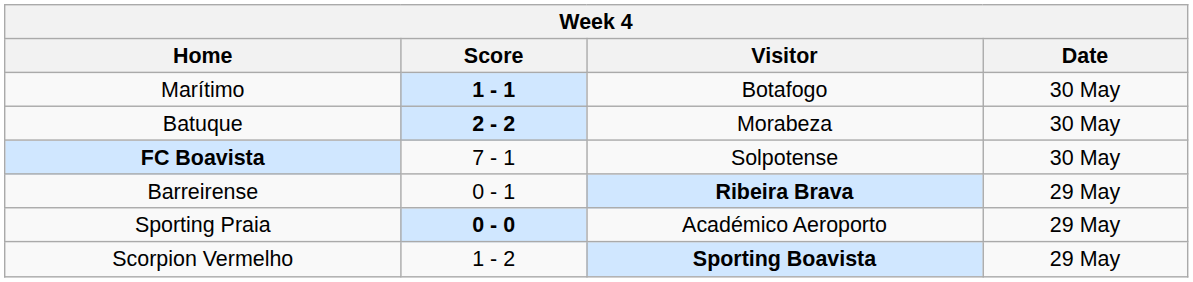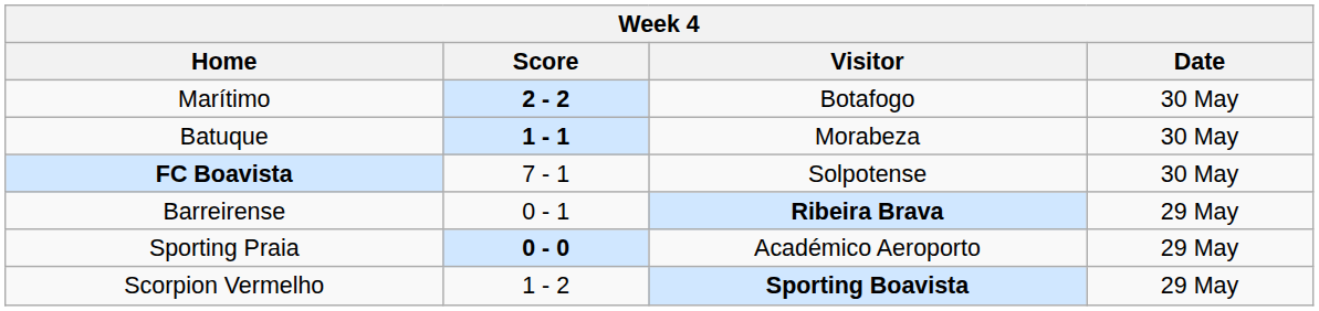 <table class="wikitable" style="font-size:95%; text-align: center; width: 95%;">
 <tr>
 <th colspan="12" style="with: 100%;" align=center>Week 4</th>
 </tr>
 <tr>
 <th width="200">Home</th>
 <th width="90">Score</th>
 <th width="200">Visitor</th>
 <th width="100">Date</th>
 </tr>
 <tr align=center>
 <td>Marítimo</td>
-<td bgcolor=#D0E7FF><strong>1 - 1</strong></td>
+<td bgcolor=#D0E7FF><strong>2 - 2</strong></td>
 <td>Botafogo</td>
 <td>30 May</td>
 </tr>
 <tr align=center>
 <td>Batuque</td>
-<td bgcolor=#D0E7FF><strong>2 - 2</strong></td>
+<td bgcolor=#D0E7FF><strong>1 - 1</strong></td>
 <td>Morabeza</td>
 <td>30 May</td>
 </tr>
 <tr align=center>
 <td bgcolor=#D0E7FF><strong>FC Boavista</strong></td>
 <td>7 - 1</td>
 <td>Solpotense</td>
 <td>30 May</td>
 </tr>
 <tr align=center>
 <td>Barreirense</td>
 <td>0 - 1</td>
 <td bgcolor=#D0E7FF><strong>Ribeira Brava</strong></td>
 <td>29 May</td>
 </tr>
 <tr align=center>
 <td>Sporting Praia</td>
 <td bgcolor=#D0E7FF><strong>0 - 0</strong></td>
 <td>Académico Aeroporto</td>
 <td>29 May</td>
 </tr>
 <tr align=center>
 <td>Scorpion Vermelho</td>
 <td>1 - 2</td>
 <td bgcolor=#D0E7FF><strong>Sporting Boavista</strong></td>
 <td>29 May</td>
 </tr>
 </table>
